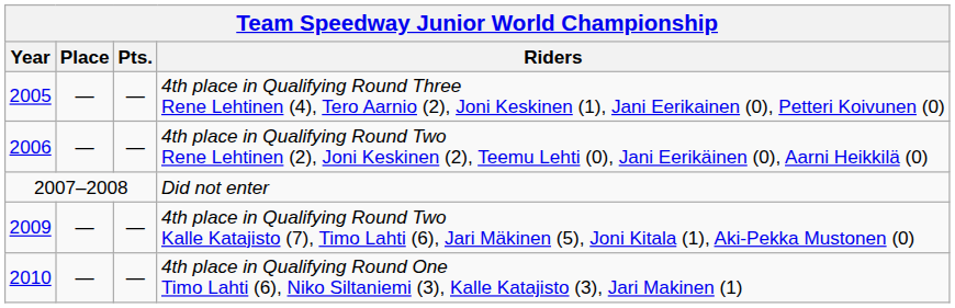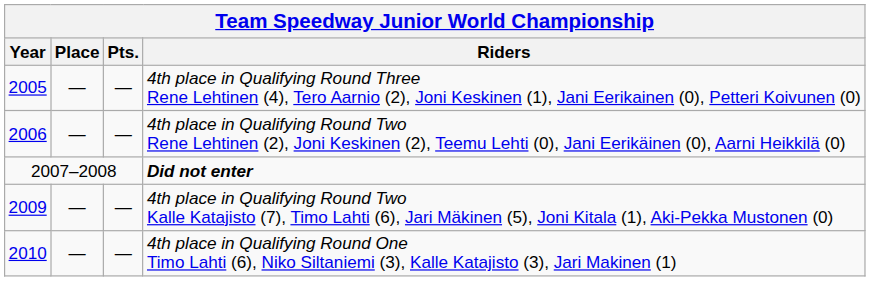 <table class=wikitable style="font-size: 90%;">
 <tr>
 <th colspan=4><big><a href='#'>Team Speedway Junior World Championship</a></big></th>
 </tr>
 <tr>
 <th>Year</th>
 <th>Place</th>
 <th>Pts.</th>
 <th>Riders</th>
 </tr>
 <tr align=center >
 <td><a href='#'>2005</a></td>
 <td>—</td>
 <td>—</td>
 <td align=left><em>4th place in Qualifying Round Three</em> <br> <a href='#'>Rene Lehtinen</a> (4), <a href='#'>Tero Aarnio</a> (2), <a href='#'>Joni Keskinen</a> (1), <a href='#'>Jani Eerikainen</a> (0), <a href='#'>Petteri Koivunen</a> (0)</td>
 </tr>
 <tr align=center >
 <td><a href='#'>2006</a></td>
 <td>—</td>
 <td>—</td>
 <td align=left><em>4th place in Qualifying Round Two</em> <br> <a href='#'>Rene Lehtinen</a> (2), <a href='#'>Joni Keskinen</a> (2), <a href='#'>Teemu Lehti</a> (0), <a href='#'>Jani Eerikäinen</a> (0), <a href='#'>Aarni Heikkilä</a> (0)</td>
 </tr>
 <tr align=center >
 <td colspan=3>2007–2008</td>
-<td align=left><em>Did not enter</em></td>
+<td align=left><strong><em>Did not enter</em></strong></td>
 </tr>
 <tr align=center >
 <td><a href='#'>2009</a></td>
 <td>—</td>
 <td>—</td>
 <td align=left><em>4th place in Qualifying Round Two</em> <br> <a href='#'>Kalle Katajisto</a> (7), <a href='#'>Timo Lahti</a> (6), <a href='#'>Jari Mäkinen</a> (5), <a href='#'>Joni Kitala</a> (1), <a href='#'>Aki-Pekka Mustonen</a> (0)</td>
 </tr>
 <tr align=center >
 <td><a href='#'>2010</a></td>
 <td>—</td>
 <td>—</td>
 <td align=left><em>4th place in Qualifying Round One</em> <br> <a href='#'>Timo Lahti</a> (6), <a href='#'>Niko Siltaniemi</a> (3), <a href='#'>Kalle Katajisto</a> (3), <a href='#'>Jari Makinen</a> (1)</td>
 </tr>
 </table>
